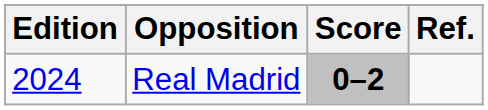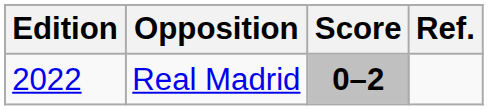 <table class="wikitable">
 <tr>
 <th>Edition</th>
 <th>Opposition</th>
 <th>Score</th>
 <th>Ref.</th>
 </tr>
 <tr>
-<td><a href='#'>2024</a></td>
+<td><a href='#'>2022</a></td>
 <td style="text-align:left;"> <a href='#'>Real Madrid</a></td>
 <td bgcolor=Silver style="text-align:center; background:"><strong>0–2</strong></td>
 <td style="text-align:center;"></td>
 </tr>
 </table>
